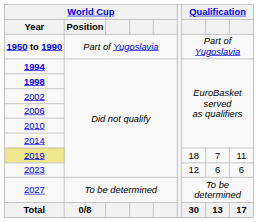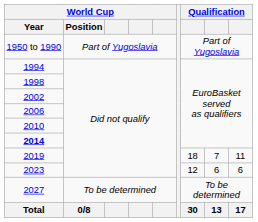 <table class="wikitable" style="text-align: center;font-size:90%;">
 <tr>
 <th colspan=5><a href='#'>World Cup</a></th>
 <th rowspan=13></th>
 <th colspan=3><a href='#'>Qualification</a></th>
 </tr>
 <tr>
 <th>Year</th>
 <th>Position</th>
 <th width=30></th>
 <th width=30></th>
 <th width=30></th>
 <th width=30></th>
 <th width=30></th>
 <th width=30></th>
 </tr>
 <tr>
-<td><strong><a href='#'>1950</a> to <a href='#'>1990</a></strong></td>
+<td><a href='#'>1950</a> to <a href='#'>1990</a></td>
 <td colspan=4><em>Part of <a href='#'>Yugoslavia</a></em></td>
 <td colspan=3><em>Part of <a href='#'>Yugoslavia</a></em></td>
 </tr>
 <tr>
-<td><strong> <a href='#'>1994</a></strong></td>
+<td> <a href='#'>1994</a></td>
 <td colspan=4 rowspan=8><em>Did not qualify</em></td>
 <td colspan=3 rowspan=6><em>EuroBasket served<br>as qualifiers</em></td>
 </tr>
 <tr>
-<td><strong> <a href='#'>1998</a></strong></td>
+<td> <a href='#'>1998</a></td>
 </tr>
 <tr>
 <td> <a href='#'>2002</a></td>
 </tr>
 <tr>
 <td> <a href='#'>2006</a></td>
 </tr>
 <tr>
 <td> <a href='#'>2010</a></td>
 </tr>
 <tr>
-<td> <a href='#'>2014</a></td>
+<td><strong> <a href='#'>2014</a></strong></td>
 </tr>
 <tr>
-<td style="background: khaki;"> <a href='#'>2019</a></td>
+<td> <a href='#'>2019</a></td>
 <td>18</td>
 <td>7</td>
 <td>11</td>
 </tr>
 <tr>
 <td> <a href='#'>2023</a></td>
 <td>12</td>
 <td>6</td>
 <td>6</td>
 </tr>
 <tr>
 <td> <a href='#'>2027</a></td>
 <td colspan=4><em>To be determined</em></td>
 <td colspan=3><em>To be determined</em></td>
 </tr>
 <tr>
 <th>Total</th>
 <th>0/8</th>
 <th></th>
 <th></th>
 <th></th>
 <th>30</th>
 <th>13</th>
 <th>17</th>
 </tr>
 </table>
